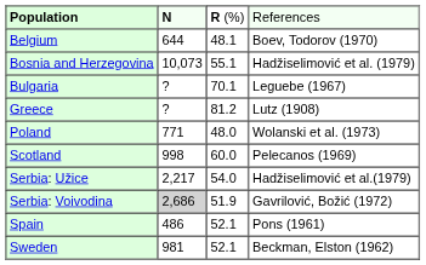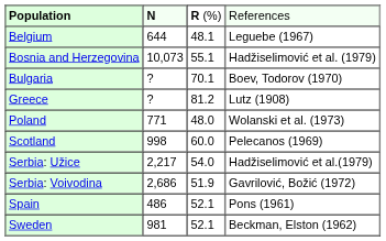 <table border="1" cellpadding="4" cellspacing="0" class="toccolours" 0.5em solid #999; 100%>
 <tr>
 <td style="background:#dfd; "><strong>Population</strong></td>
 <td style="background:#f3fff3; "><strong>N</strong></td>
 <td><strong>R</strong> (%)</td>
 <td style="background:#f3fff3; ">References</td>
 </tr>
 <tr>
 <td style="background:#ddffdd;fff3;"><a href='#'>Belgium</a></td>
 <td>644</td>
 <td>48.1</td>
-<td>Boev, Todorov (1970)</td>
+<td>Leguebe (1967)</td>
 </tr>
 <tr>
 <td style="background:#dfd;"><a href='#'>Bosnia and Herzegovina</a></td>
 <td>10,073</td>
 <td>55.1</td>
 <td>Hadžiselimović et al. (1979)</td>
 </tr>
 <tr>
 <td style="background:#ddffdd;fff3;"><a href='#'>Bulgaria</a></td>
 <td>?</td>
 <td>70.1</td>
-<td>Leguebe (1967)</td>
+<td>Boev, Todorov (1970)</td>
 </tr>
 <tr>
 <td style="background:#dfd;"><a href='#'>Greece</a></td>
 <td>?</td>
 <td>81.2</td>
 <td>Lutz (1908)</td>
 </tr>
 <tr>
 <td style="background:#ddffdd;fff3;"><a href='#'>Poland</a></td>
 <td>771</td>
 <td>48.0</td>
 <td>Wolanski et al. (1973)</td>
 </tr>
 <tr>
 <td style="background:#dfd;"><a href='#'>Scotland</a></td>
 <td>998</td>
 <td>60.0</td>
 <td>Pelecanos (1969)</td>
 </tr>
 <tr>
 <td style="background:#ddffdd;fff3;"><a href='#'>Serbia</a>: <a href='#'>Užice</a></td>
 <td>2,217</td>
 <td>54.0</td>
 <td>Hadžiselimović et al.(1979)</td>
 </tr>
 <tr>
 <td style="background:#dfd;"><a href='#'>Serbia</a>:  <a href='#'>Voivodina</a></td>
-<td style="background: lightgrey;">2,686</td>
+<td>2,686</td>
 <td>51.9</td>
 <td>Gavrilović, Božić (1972)</td>
 </tr>
 <tr>
 <td style="background:#ddffdd;fff3;"><a href='#'>Spain</a></td>
 <td>486</td>
 <td>52.1</td>
 <td>Pons (1961)</td>
 </tr>
 <tr>
 <td style="background:#dfd;"><a href='#'>Sweden</a></td>
 <td>981</td>
 <td>52.1</td>
 <td>Beckman,  Elston (1962)</td>
 </tr>
 </table>
